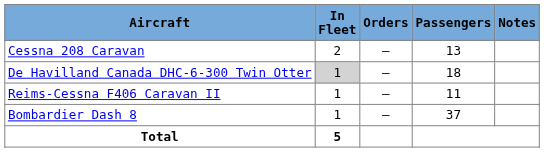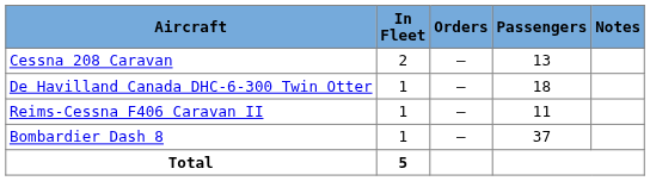 <table class="toccolours" border="1" cellpadding="3" style="border-collapse:collapse;margin:auto;">
 <tr bgcolor=#75aadb>
 <th>Aircraft</th>
 <th>In<br>Fleet</th>
 <th>Orders</th>
 <th>Passengers</th>
 <th>Notes</th>
 </tr>
 <tr>
 <td><a href='#'>Cessna 208 Caravan</a></td>
 <td align="center">2</td>
 <td align="center">—</td>
 <td align="center">13</td>
 <td></td>
 </tr>
 <tr>
 <td><a href='#'>De Havilland Canada DHC-6-300 Twin Otter</a></td>
-<td align="center" style="background: lightgrey;">1</td>
+<td align="center">1</td>
 <td align="center">—</td>
 <td align="center">18</td>
 <td></td>
 </tr>
 <tr>
 <td><a href='#'>Reims-Cessna F406 Caravan II</a></td>
 <td align="center">1</td>
 <td align="center">—</td>
 <td align="center">11</td>
 <td></td>
 </tr>
 <tr>
 <td><a href='#'>Bombardier Dash 8</a></td>
 <td align="center">1</td>
 <td align="center">—</td>
 <td align="center">37</td>
 <td></td>
 </tr>
 <tr>
 <th>Total</th>
 <th>5</th>
 <th></th>
 <th colspan="2"></th>
 </tr>
 </table>
